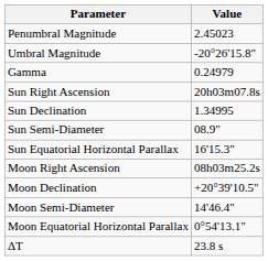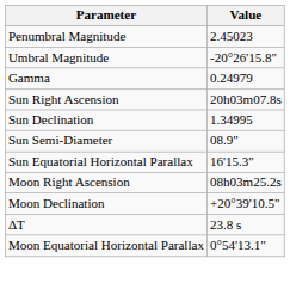 <table class="wikitable">
 <tr>
 <th>Parameter</th>
 <th>Value</th>
 </tr>
 <tr>
 <td>Penumbral Magnitude</td>
 <td>2.45023</td>
 </tr>
 <tr>
 <td>Umbral Magnitude</td>
 <td>-20°26'15.8"</td>
 </tr>
 <tr>
 <td>Gamma</td>
 <td>0.24979</td>
 </tr>
 <tr>
 <td>Sun Right Ascension</td>
 <td>20h03m07.8s</td>
 </tr>
 <tr>
 <td>Sun Declination</td>
 <td>1.34995</td>
 </tr>
 <tr>
 <td>Sun Semi-Diameter</td>
 <td>08.9"</td>
 </tr>
 <tr>
 <td>Sun Equatorial Horizontal Parallax</td>
 <td>16'15.3"</td>
 </tr>
 <tr>
 <td>Moon Right Ascension</td>
 <td>08h03m25.2s</td>
 </tr>
 <tr>
 <td>Moon Declination</td>
 <td>+20°39'10.5"</td>
 </tr>
 <tr>
-<td>Moon Semi-Diameter</td>
-<td>14'46.4"</td>
+<td>ΔT</td>
+<td>23.8 s</td>
 </tr>
 <tr>
 <td>Moon Equatorial Horizontal Parallax</td>
 <td>0°54'13.1"</td>
 </tr>
-<tr>
-<td>ΔT</td>
-<td>23.8 s</td>
-</tr>
 </table>
